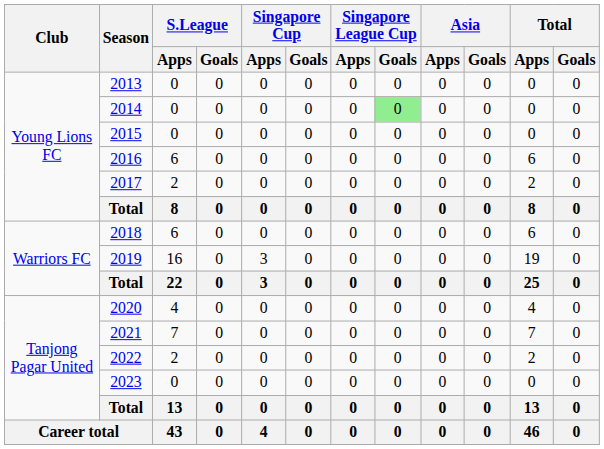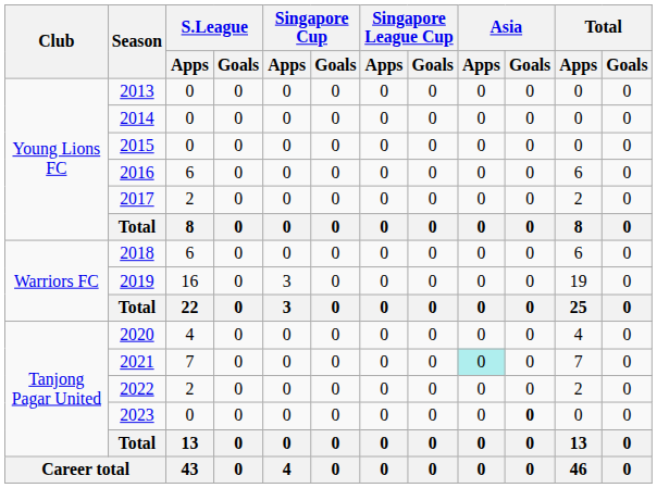 <table class="wikitable" style="text-align:center">
 <tr>
 <th rowspan=2 width=160>Club</th>
 <th rowspan=2>Season</th>
 <th colspan=2><a href='#'>S.League</a></th>
 <th colspan=2><a href='#'>Singapore Cup</a></th>
 <th colspan=2><a href='#'>Singapore<br>League Cup</a></th>
 <th colspan="2"><a href='#'>Asia</a></th>
 <th colspan=2>Total</th>
 </tr>
 <tr>
 <th width=40>Apps</th>
 <th width=40>Goals</th>
 <th width=40>Apps</th>
 <th width=40>Goals</th>
 <th width=40>Apps</th>
 <th width=40>Goals</th>
 <th width=40>Apps</th>
 <th width=40>Goals</th>
 <th width=40>Apps</th>
 <th width=40>Goals</th>
 </tr>
 <tr>
 <td rowspan="6"><a href='#'>Young Lions FC</a></td>
 <td><a href='#'>2013</a></td>
 <td>0</td>
 <td>0</td>
 <td>0</td>
 <td>0</td>
 <td>0</td>
 <td>0</td>
 <td>0</td>
 <td>0</td>
 <td>0</td>
 <td>0</td>
 </tr>
 <tr>
 <td><a href='#'>2014</a></td>
 <td>0</td>
 <td>0</td>
 <td>0</td>
 <td>0</td>
 <td>0</td>
-<td style="background: lightgreen;">0</td>
+<td>0</td>
 <td>0</td>
 <td>0</td>
 <td>0</td>
 <td>0</td>
 </tr>
 <tr>
 <td><a href='#'>2015</a></td>
 <td>0</td>
 <td>0</td>
 <td>0</td>
 <td>0</td>
 <td>0</td>
 <td>0</td>
 <td>0</td>
 <td>0</td>
 <td>0</td>
 <td>0</td>
 </tr>
 <tr>
 <td><a href='#'>2016</a></td>
 <td>6</td>
 <td>0</td>
 <td>0</td>
 <td>0</td>
 <td>0</td>
 <td>0</td>
 <td>0</td>
 <td>0</td>
 <td>6</td>
 <td>0</td>
 </tr>
 <tr>
 <td><a href='#'>2017</a></td>
 <td>2</td>
 <td>0</td>
 <td>0</td>
 <td>0</td>
 <td>0</td>
 <td>0</td>
 <td>0</td>
 <td>0</td>
 <td>2</td>
 <td>0</td>
 </tr>
 <tr>
 <th>Total</th>
 <th>8</th>
 <th>0</th>
 <th>0</th>
 <th>0</th>
 <th>0</th>
 <th>0</th>
 <th>0</th>
 <th>0</th>
 <th>8</th>
 <th>0</th>
 </tr>
 <tr>
 <td rowspan="3"><a href='#'>Warriors FC</a></td>
 <td><a href='#'>2018</a></td>
 <td>6</td>
 <td>0</td>
 <td>0</td>
 <td>0</td>
 <td>0</td>
 <td>0</td>
 <td>0</td>
 <td>0</td>
 <td>6</td>
 <td>0</td>
 </tr>
 <tr>
 <td><a href='#'>2019</a></td>
 <td>16</td>
 <td>0</td>
 <td>3</td>
 <td>0</td>
 <td>0</td>
 <td>0</td>
 <td>0</td>
 <td>0</td>
 <td>19</td>
 <td>0</td>
 </tr>
 <tr>
 <th>Total</th>
 <th>22</th>
 <th>0</th>
 <th>3</th>
 <th>0</th>
 <th>0</th>
 <th>0</th>
 <th>0</th>
 <th>0</th>
 <th>25</th>
 <th>0</th>
 </tr>
 <tr>
 <td rowspan="5"><a href='#'>Tanjong Pagar United</a></td>
 <td><a href='#'>2020</a></td>
 <td>4</td>
 <td>0</td>
 <td>0</td>
 <td>0</td>
 <td>0</td>
 <td>0</td>
 <td>0</td>
 <td>0</td>
 <td>4</td>
 <td>0</td>
 </tr>
 <tr>
 <td><a href='#'>2021</a></td>
 <td>7</td>
 <td>0</td>
 <td>0</td>
 <td>0</td>
 <td>0</td>
 <td>0</td>
-<td>0</td>
+<td style="background: paleturquoise;">0</td>
 <td>0</td>
 <td>7</td>
 <td>0</td>
 </tr>
 <tr>
 <td><a href='#'>2022</a></td>
 <td>2</td>
 <td>0</td>
 <td>0</td>
 <td>0</td>
 <td>0</td>
 <td>0</td>
 <td>0</td>
 <td>0</td>
 <td>2</td>
 <td>0</td>
 </tr>
 <tr>
 <td><a href='#'>2023</a></td>
 <td>0</td>
 <td>0</td>
 <td>0</td>
 <td>0</td>
 <td>0</td>
 <td>0</td>
 <td>0</td>
-<td>0</td>
+<td><strong>0</strong></td>
 <td>0</td>
 <td>0</td>
 </tr>
 <tr>
 <th>Total</th>
 <th>13</th>
 <th>0</th>
 <th>0</th>
 <th>0</th>
 <th>0</th>
 <th>0</th>
 <th>0</th>
 <th>0</th>
 <th>13</th>
 <th>0</th>
 </tr>
 <tr>
 <th colspan=2>Career total</th>
 <th>43</th>
 <th>0</th>
 <th>4</th>
 <th>0</th>
 <th>0</th>
 <th>0</th>
 <th>0</th>
 <th>0</th>
 <th>46</th>
 <th>0</th>
 </tr>
 <tr>
 </tr>
 </table>
